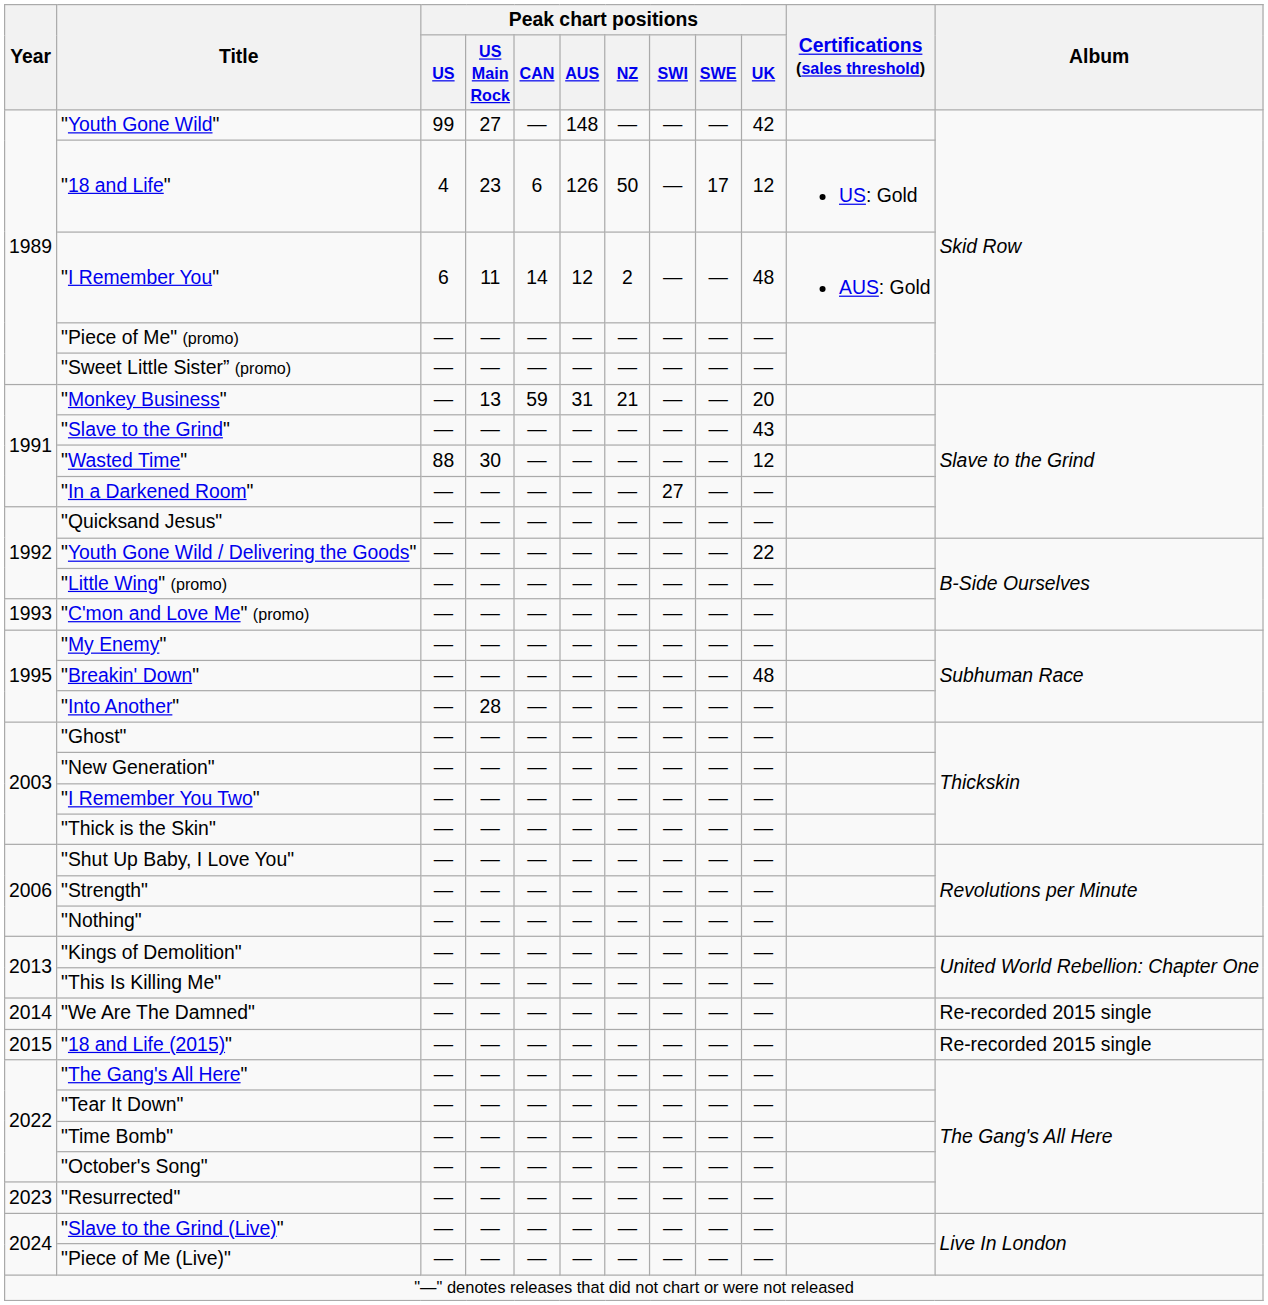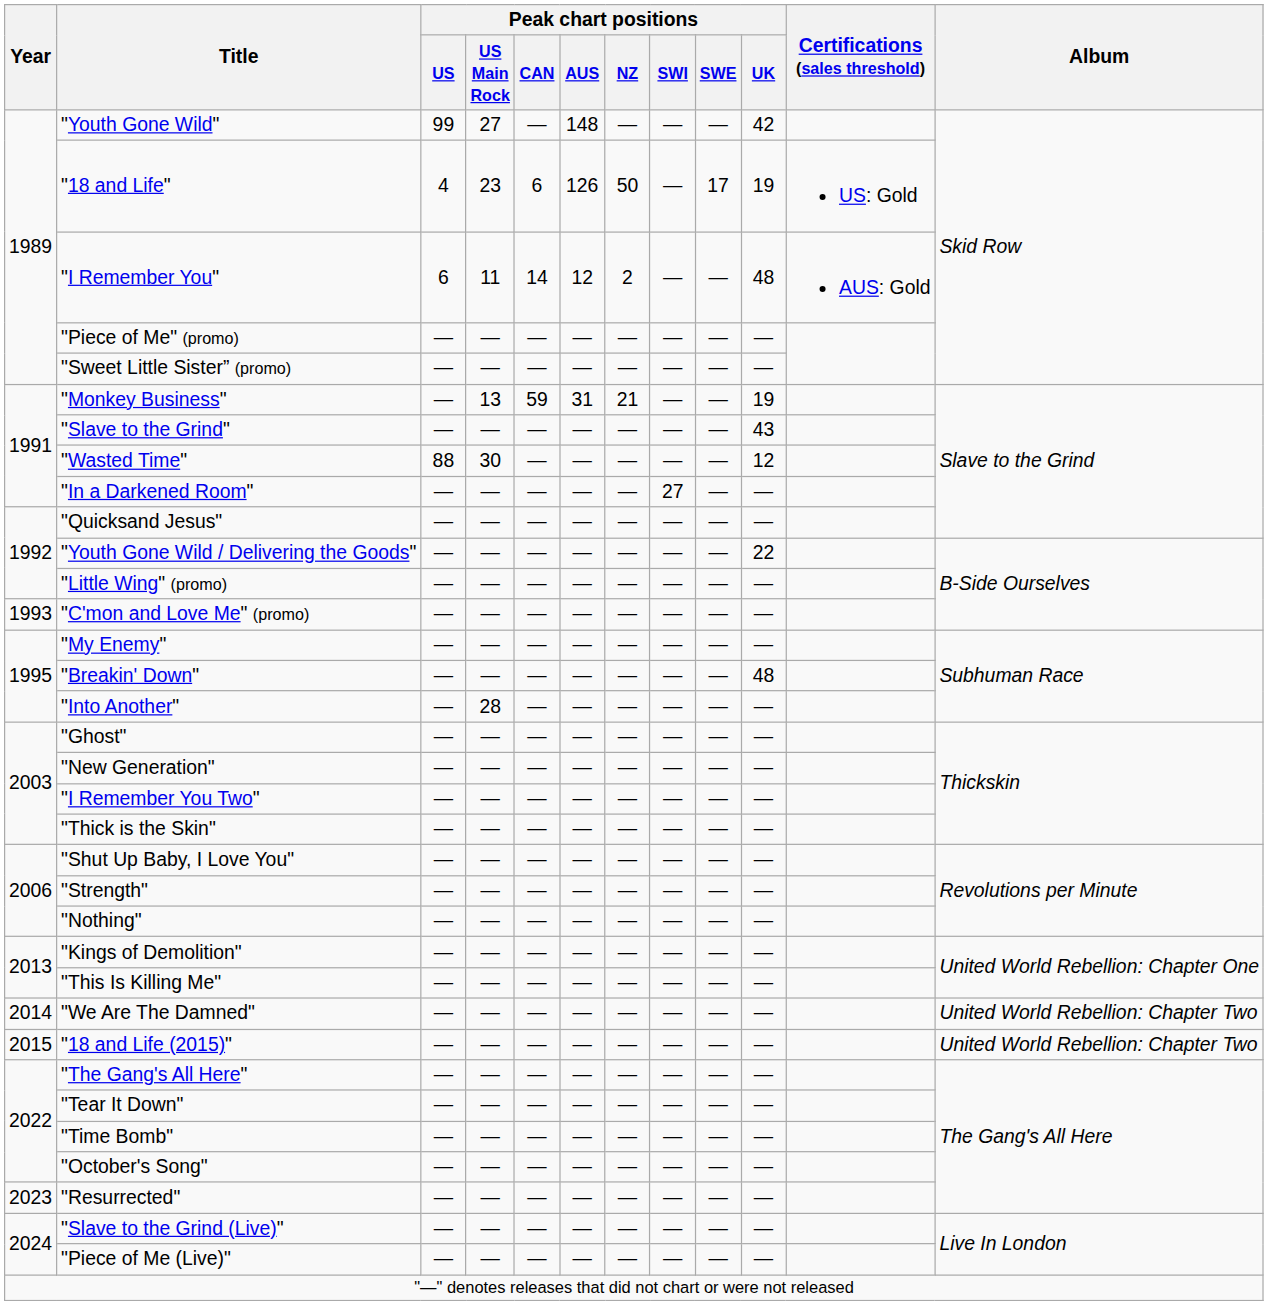 <table class="wikitable" style="text-align:center;">
 <tr>
 <th rowspan="2">Year</th>
 <th rowspan="2">Title</th>
 <th colspan="8">Peak chart positions</th>
 <th rowspan="2"><a href='#'>Certifications</a><br><small>(<a href='#'>sales threshold</a>)</small></th>
 <th rowspan="2">Album</th>
 </tr>
 <tr>
 <th width="30"><small><a href='#'>US</a></small><br></th>
 <th width="30"><small><a href='#'>US Main Rock</a></small><br></th>
 <th width="30"><small><a href='#'>CAN</a></small><br></th>
 <th width="30"><small><a href='#'>AUS</a></small><br></th>
 <th width="30"><small><a href='#'>NZ</a></small><br></th>
 <th width="30"><small><a href='#'>SWI</a></small><br></th>
 <th width="30"><small><a href='#'>SWE</a></small><br></th>
 <th width="30"><small><a href='#'>UK</a></small><br></th>
 </tr>
 <tr>
 <td rowspan="5”">1989</td>
 <td align="left">"<a href='#'>Youth Gone Wild</a>"</td>
 <td>99</td>
 <td>27</td>
 <td>—</td>
 <td>148</td>
 <td>—</td>
 <td>—</td>
 <td>—</td>
 <td>42</td>
 <td></td>
 <td align="left" rowspan="5”"><em>Skid Row</em></td>
 </tr>
 <tr>
 <td align="left">"<a href='#'>18 and Life</a>"</td>
 <td>4</td>
 <td>23</td>
 <td>6</td>
 <td>126</td>
 <td>50</td>
 <td>—</td>
 <td>17</td>
-<td>12</td>
+<td>19</td>
 <td align="left"><br><ul><li><a href='#'>US</a>: Gold</li></ul></td>
 </tr>
 <tr>
 <td align="left">"<a href='#'>I Remember You</a>"</td>
 <td>6</td>
 <td>11</td>
 <td>14</td>
 <td>12</td>
 <td>2</td>
 <td>—</td>
 <td>—</td>
 <td>48</td>
 <td><br><ul><li><a href='#'>AUS</a>: Gold</li></ul></td>
 </tr>
 <tr>
 <td align="left">"Piece of Me" <small>(promo)</small></td>
 <td>—</td>
 <td>—</td>
 <td>—</td>
 <td>—</td>
 <td>—</td>
 <td>—</td>
 <td>—</td>
 <td>—</td>
 </tr>
 <tr>
 <td align="left">"Sweet Little Sister” <small>(promo)</small></td>
 <td>—</td>
 <td>—</td>
 <td>—</td>
 <td>—</td>
 <td>—</td>
 <td>—</td>
 <td>—</td>
 <td>—</td>
 </tr>
 <tr>
 <td rowspan="4">1991</td>
 <td align="left">"<a href='#'>Monkey Business</a>"</td>
 <td>—</td>
 <td>13</td>
 <td>59</td>
 <td>31</td>
 <td>21</td>
 <td>—</td>
 <td>—</td>
-<td>20</td>
+<td>19</td>
 <td></td>
 <td align="left" rowspan="5"><em>Slave to the Grind</em></td>
 </tr>
 <tr>
 <td align="left">"<a href='#'>Slave to the Grind</a>"</td>
 <td>—</td>
 <td>—</td>
 <td>—</td>
 <td>—</td>
 <td>—</td>
 <td>—</td>
 <td>—</td>
 <td>43</td>
 <td></td>
 </tr>
 <tr>
 <td align="left">"<a href='#'>Wasted Time</a>"</td>
 <td>88</td>
 <td>30</td>
 <td>—</td>
 <td>—</td>
 <td>—</td>
 <td>—</td>
 <td>—</td>
 <td>12</td>
 <td></td>
 </tr>
 <tr>
 <td align="left">"<a href='#'>In a Darkened Room</a>"</td>
 <td>—</td>
 <td>—</td>
 <td>—</td>
 <td>—</td>
 <td>—</td>
 <td>27</td>
 <td>—</td>
 <td>—</td>
 <td></td>
 </tr>
 <tr>
 <td rowspan="3">1992</td>
 <td align="left">"Quicksand Jesus"</td>
 <td>—</td>
 <td>—</td>
 <td>—</td>
 <td>—</td>
 <td>—</td>
 <td>—</td>
 <td>—</td>
 <td>—</td>
 <td></td>
 </tr>
 <tr>
 <td align="left">"<a href='#'>Youth Gone Wild / Delivering the Goods</a>"</td>
 <td>—</td>
 <td>—</td>
 <td>—</td>
 <td>—</td>
 <td>—</td>
 <td>—</td>
 <td>—</td>
 <td>22</td>
 <td></td>
 <td align="left" rowspan="3"><em>B-Side Ourselves</em></td>
 </tr>
 <tr>
 <td align="left">"<a href='#'>Little Wing</a>" <small>(promo)</small></td>
 <td>—</td>
 <td>—</td>
 <td>—</td>
 <td>—</td>
 <td>—</td>
 <td>—</td>
 <td>—</td>
 <td>—</td>
 <td></td>
 </tr>
 <tr>
 <td rowspan="1">1993</td>
 <td align="left">"<a href='#'>C'mon and Love Me</a>" <small>(promo)</small></td>
 <td>—</td>
 <td>—</td>
 <td>—</td>
 <td>—</td>
 <td>—</td>
 <td>—</td>
 <td>—</td>
 <td>—</td>
 <td></td>
 </tr>
 <tr>
 <td rowspan="3">1995</td>
 <td align="left">"<a href='#'>My Enemy</a>"</td>
 <td>—</td>
 <td>—</td>
 <td>—</td>
 <td>—</td>
 <td>—</td>
 <td>—</td>
 <td>—</td>
 <td>—</td>
 <td></td>
 <td align="left" rowspan="3"><em>Subhuman Race</em></td>
 </tr>
 <tr>
 <td align="left">"<a href='#'>Breakin' Down</a>"</td>
 <td>—</td>
 <td>—</td>
 <td>—</td>
 <td>—</td>
 <td>—</td>
 <td>—</td>
 <td>—</td>
 <td>48</td>
 <td></td>
 </tr>
 <tr>
 <td align="left">"<a href='#'>Into Another</a>"</td>
 <td>—</td>
 <td>28</td>
 <td>—</td>
 <td>—</td>
 <td>—</td>
 <td>—</td>
 <td>—</td>
 <td>—</td>
 <td></td>
 </tr>
 <tr>
 <td rowspan="4">2003</td>
 <td align="left">"Ghost"</td>
 <td>—</td>
 <td>—</td>
 <td>—</td>
 <td>—</td>
 <td>—</td>
 <td>—</td>
 <td>—</td>
 <td>—</td>
 <td></td>
 <td align="left" rowspan="4"><em>Thickskin</em></td>
 </tr>
 <tr>
 <td align="left">"New Generation"</td>
 <td>—</td>
 <td>—</td>
 <td>—</td>
 <td>—</td>
 <td>—</td>
 <td>—</td>
 <td>—</td>
 <td>—</td>
 <td></td>
 </tr>
 <tr>
 <td align="left">"<a href='#'>I Remember You Two</a>"</td>
 <td>—</td>
 <td>—</td>
 <td>—</td>
 <td>—</td>
 <td>—</td>
 <td>—</td>
 <td>—</td>
 <td>—</td>
 <td></td>
 </tr>
 <tr>
 <td align="left">"Thick is the Skin"</td>
 <td>—</td>
 <td>—</td>
 <td>—</td>
 <td>—</td>
 <td>—</td>
 <td>—</td>
 <td>—</td>
 <td>—</td>
 <td></td>
 </tr>
 <tr>
 <td rowspan="3">2006</td>
 <td align="left">"Shut Up Baby, I Love You"</td>
 <td>—</td>
 <td>—</td>
 <td>—</td>
 <td>—</td>
 <td>—</td>
 <td>—</td>
 <td>—</td>
 <td>—</td>
 <td></td>
 <td align="left" rowspan="3"><em>Revolutions per Minute</em></td>
 </tr>
 <tr>
 <td align="left">"Strength"</td>
 <td>—</td>
 <td>—</td>
 <td>—</td>
 <td>—</td>
 <td>—</td>
 <td>—</td>
 <td>—</td>
 <td>—</td>
 <td></td>
 </tr>
 <tr>
 <td align="left">"Nothing"</td>
 <td>—</td>
 <td>—</td>
 <td>—</td>
 <td>—</td>
 <td>—</td>
 <td>—</td>
 <td>—</td>
 <td>—</td>
 <td></td>
 </tr>
 <tr>
 <td rowspan="2">2013</td>
 <td align="left">"Kings of Demolition"</td>
 <td>—</td>
 <td>—</td>
 <td>—</td>
 <td>—</td>
 <td>—</td>
 <td>—</td>
 <td>—</td>
 <td>—</td>
 <td></td>
 <td align="left" rowspan="2"><em>United World Rebellion: Chapter One</em></td>
 </tr>
 <tr>
 <td align="left">"This Is Killing Me"</td>
 <td>—</td>
 <td>—</td>
 <td>—</td>
 <td>—</td>
 <td>—</td>
 <td>—</td>
 <td>—</td>
 <td>—</td>
 <td></td>
 </tr>
 <tr>
 <td rowspan="1">2014</td>
 <td align="left">"We Are The Damned"</td>
 <td>—</td>
 <td>—</td>
 <td>—</td>
 <td>—</td>
 <td>—</td>
 <td>—</td>
 <td>—</td>
 <td>—</td>
 <td></td>
-<td align="left" rowspan="1">Re-recorded 2015 single</td>
+<td align="left" rowspan="1"><em>United World Rebellion: Chapter Two</em></td>
 </tr>
 <tr>
 <td rowspan="1">2015</td>
 <td align="left">"<a href='#'>18 and Life (2015)</a>"</td>
 <td>—</td>
 <td>—</td>
 <td>—</td>
 <td>—</td>
 <td>—</td>
 <td>—</td>
 <td>—</td>
 <td>—</td>
 <td></td>
-<td align="left" rowspan="1">Re-recorded 2015 single</td>
+<td align="left" rowspan="1"><em>United World Rebellion: Chapter Two</em></td>
 </tr>
 <tr>
 <td rowspan="4”">2022</td>
 <td align="left">"<a href='#'>The Gang's All Here</a>"</td>
 <td>—</td>
 <td>—</td>
 <td>—</td>
 <td>—</td>
 <td>—</td>
 <td>—</td>
 <td>—</td>
 <td>—</td>
 <td></td>
 <td align="left" rowspan="5”"><em>The Gang's All Here</em></td>
 </tr>
 <tr>
 <td align="left">"Tear It Down"</td>
 <td>—</td>
 <td>—</td>
 <td>—</td>
 <td>—</td>
 <td>—</td>
 <td>—</td>
 <td>—</td>
 <td>—</td>
 <td></td>
 </tr>
 <tr>
 <td align="left">"Time Bomb"</td>
 <td>—</td>
 <td>—</td>
 <td>—</td>
 <td>—</td>
 <td>—</td>
 <td>—</td>
 <td>—</td>
 <td>—</td>
 <td></td>
 </tr>
 <tr>
 <td align="left">"October's Song"</td>
 <td>—</td>
 <td>—</td>
 <td>—</td>
 <td>—</td>
 <td>—</td>
 <td>—</td>
 <td>—</td>
 <td>—</td>
 <td></td>
 </tr>
 <tr>
 <td rowspan="1”">2023</td>
 <td align="left">"Resurrected"</td>
 <td>—</td>
 <td>—</td>
 <td>—</td>
 <td>—</td>
 <td>—</td>
 <td>—</td>
 <td>—</td>
 <td>—</td>
 <td></td>
 </tr>
 <tr>
 <td rowspan="2">2024</td>
 <td align="left">"<a href='#'>Slave to the Grind (Live)</a>"</td>
 <td>—</td>
 <td>—</td>
 <td>—</td>
 <td>—</td>
 <td>—</td>
 <td>—</td>
 <td>—</td>
 <td>—</td>
 <td></td>
 <td align="left" rowspan="2"><em>Live In London</em></td>
 </tr>
 <tr>
 <td align="left">"Piece of Me (Live)"</td>
 <td>—</td>
 <td>—</td>
 <td>—</td>
 <td>—</td>
 <td>—</td>
 <td>—</td>
 <td>—</td>
 <td>—</td>
 <td></td>
 </tr>
 <tr>
 <td colspan="20" style="font-size:85%">"—" denotes releases that did not chart or were not released</td>
 </tr>
 </table>
